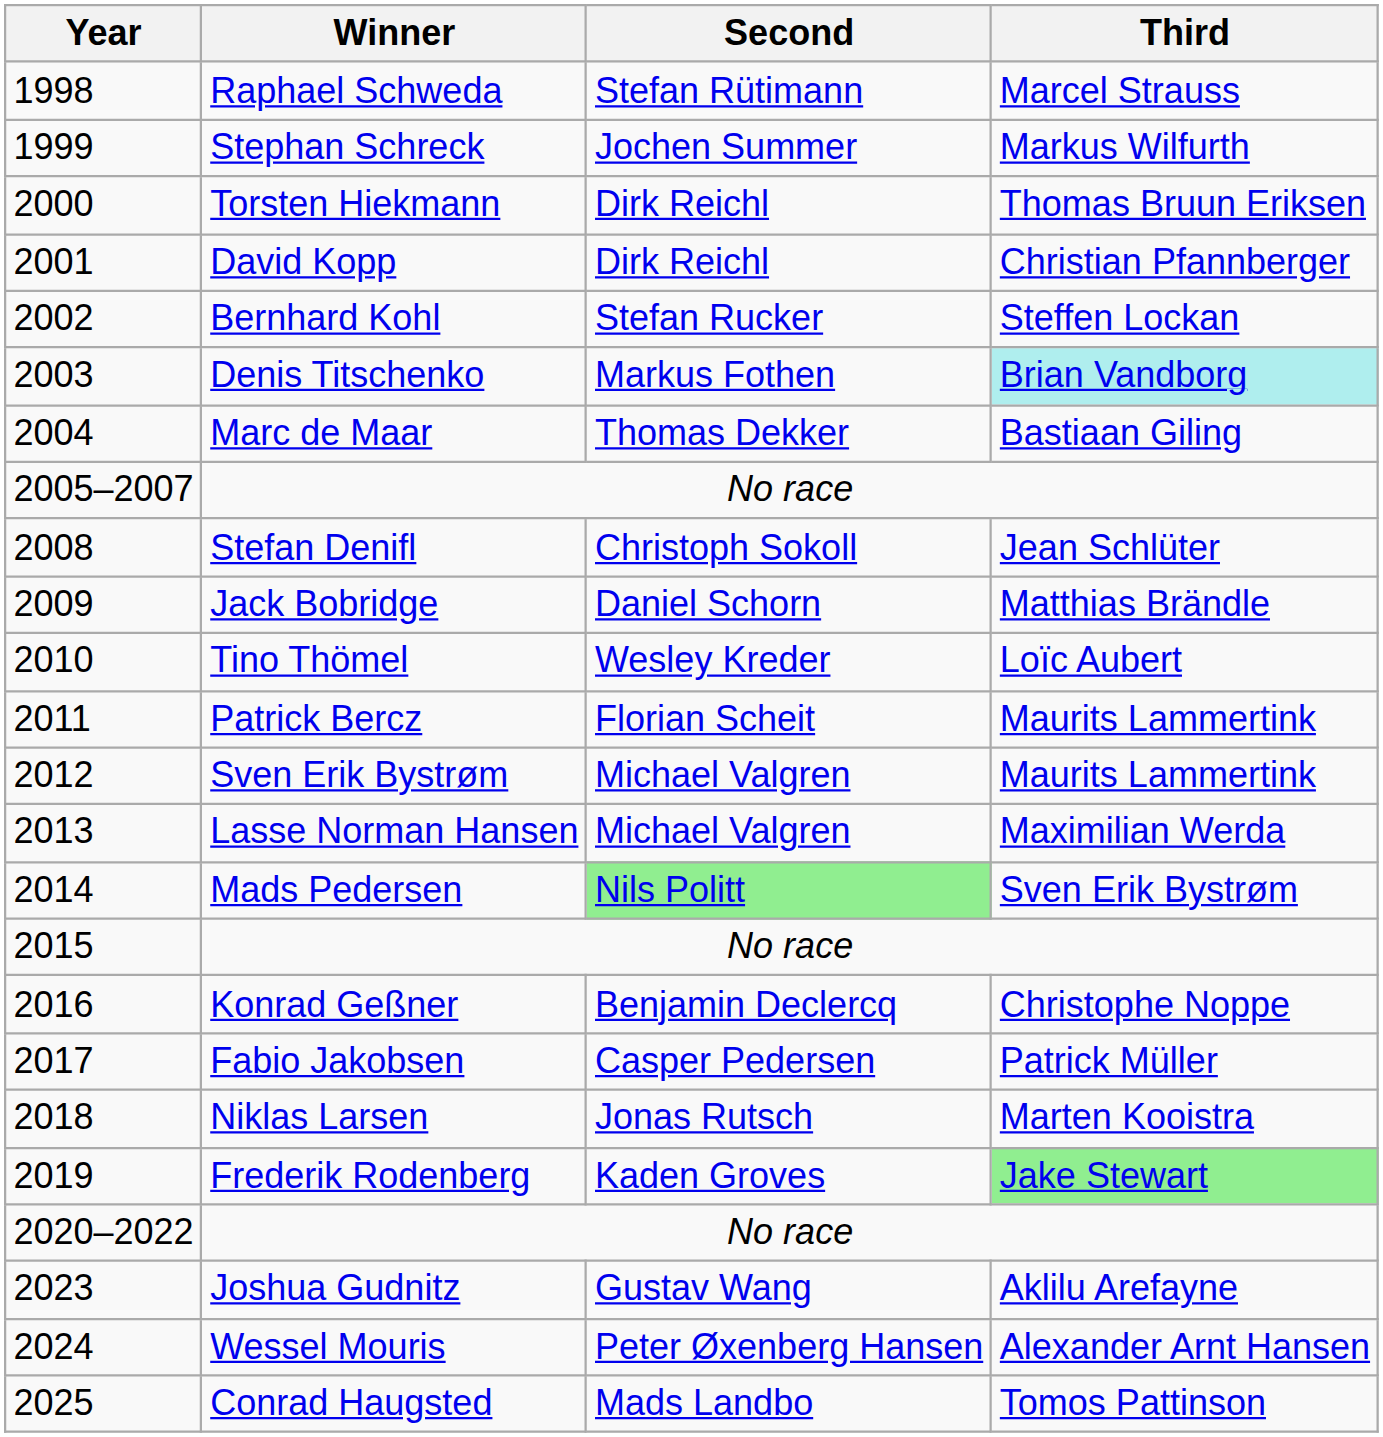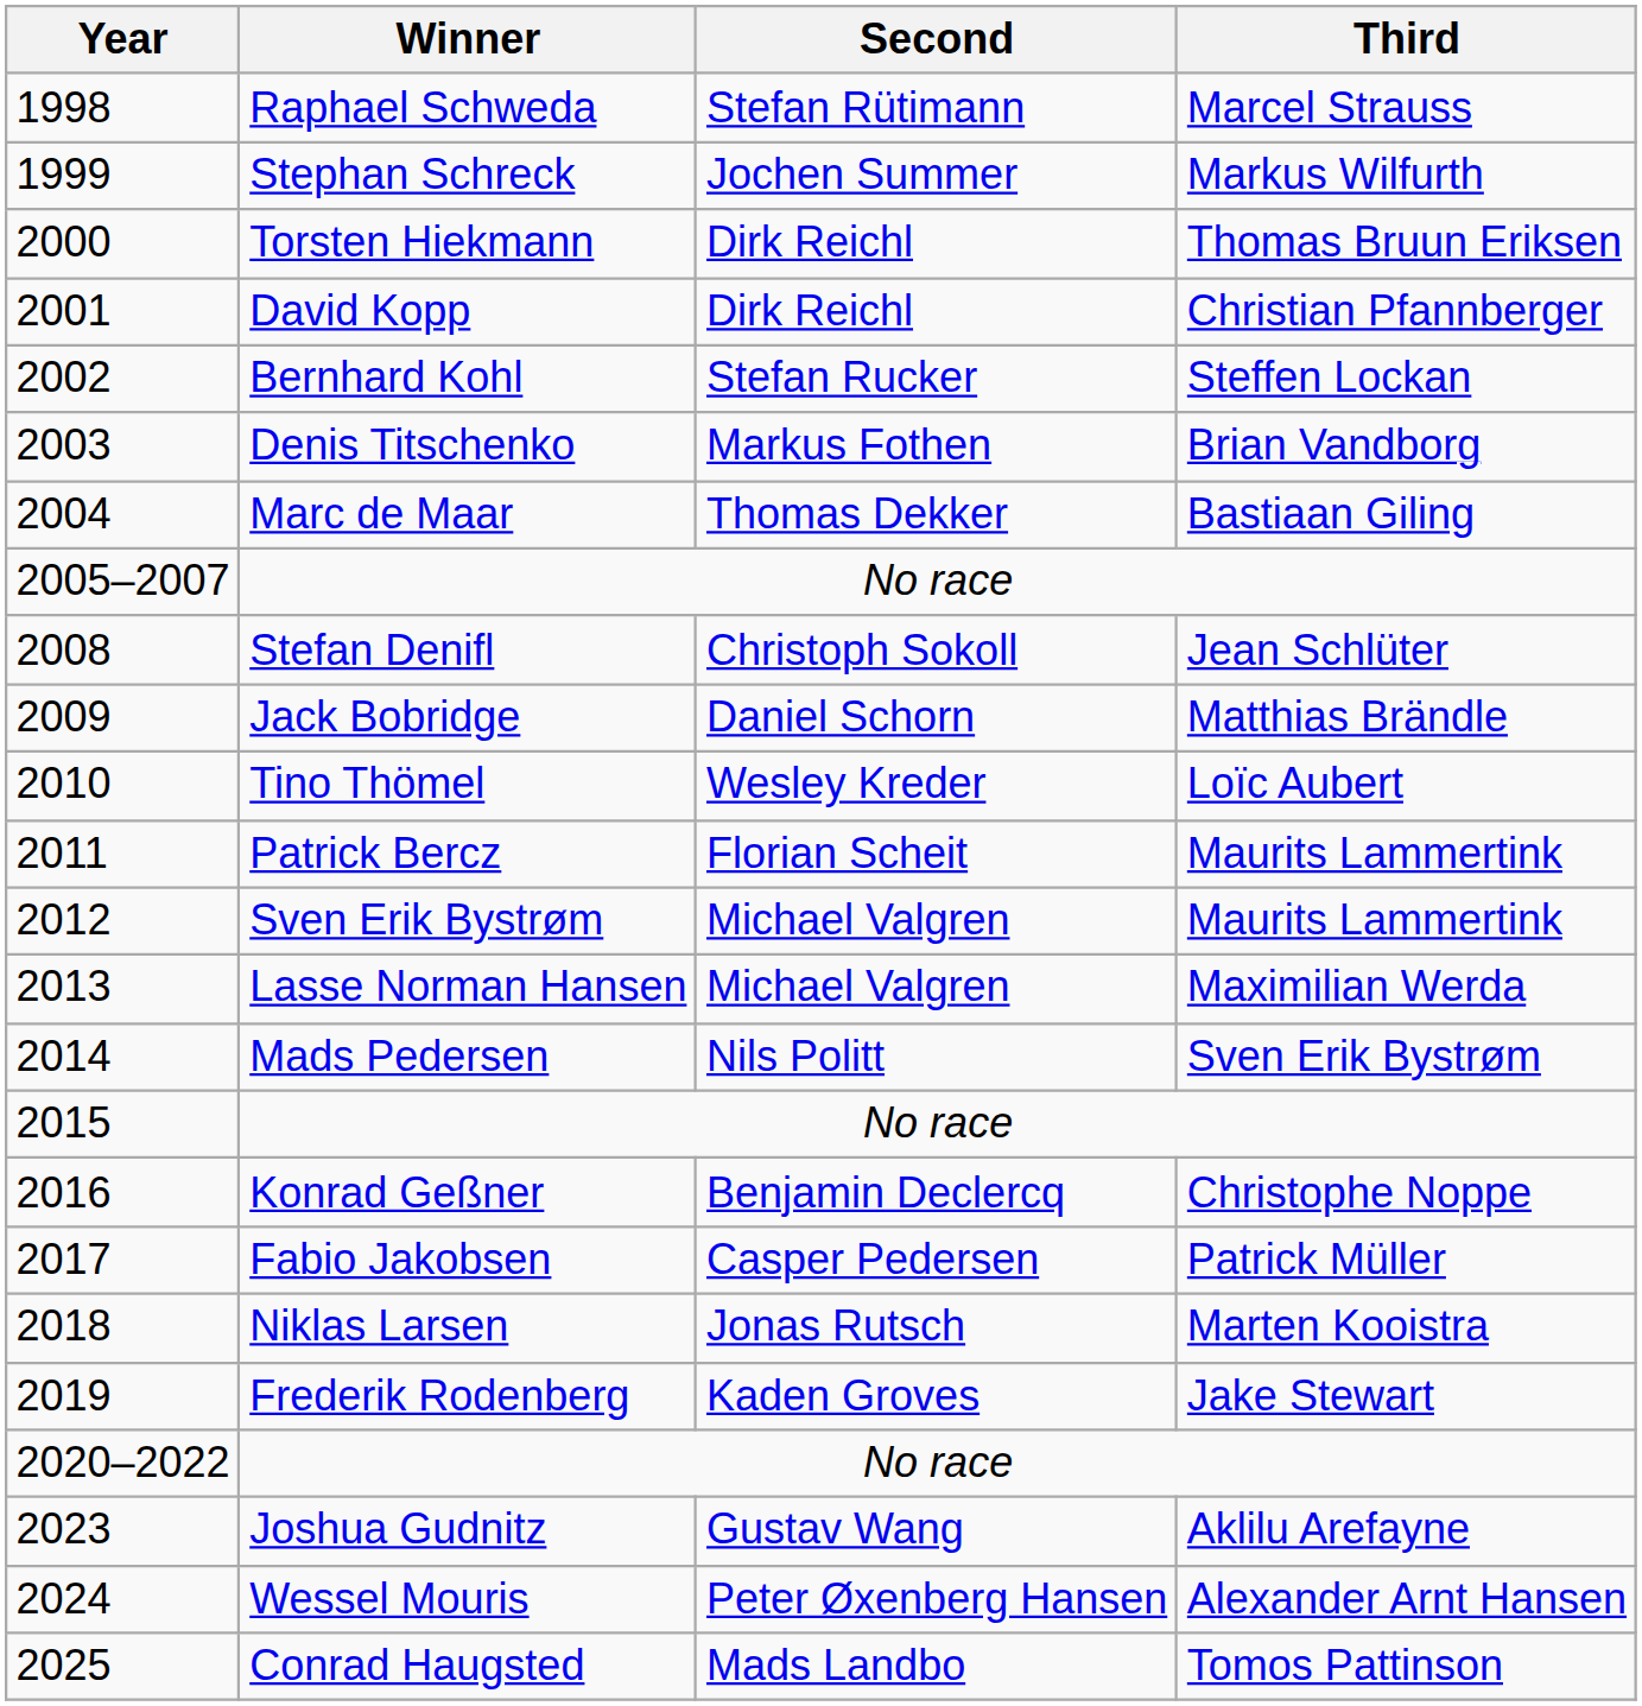 <table class="wikitable">
 <tr>
 <th>Year</th>
 <th>Winner</th>
 <th>Second</th>
 <th>Third</th>
 </tr>
 <tr>
 <td>1998</td>
 <td> <a href='#'>Raphael Schweda</a></td>
 <td> <a href='#'>Stefan Rütimann</a></td>
 <td> <a href='#'>Marcel Strauss</a></td>
 </tr>
 <tr>
 <td>1999</td>
 <td> <a href='#'>Stephan Schreck</a></td>
 <td> <a href='#'>Jochen Summer</a></td>
 <td> <a href='#'>Markus Wilfurth</a></td>
 </tr>
 <tr>
 <td>2000</td>
 <td> <a href='#'>Torsten Hiekmann</a></td>
 <td> <a href='#'>Dirk Reichl</a></td>
 <td> <a href='#'>Thomas Bruun Eriksen</a></td>
 </tr>
 <tr>
 <td>2001</td>
 <td> <a href='#'>David Kopp</a></td>
 <td> <a href='#'>Dirk Reichl</a></td>
 <td> <a href='#'>Christian Pfannberger</a></td>
 </tr>
 <tr>
 <td>2002</td>
 <td> <a href='#'>Bernhard Kohl</a></td>
 <td> <a href='#'>Stefan Rucker</a></td>
 <td> <a href='#'>Steffen Lockan</a></td>
 </tr>
 <tr>
 <td>2003</td>
 <td> <a href='#'>Denis Titschenko</a></td>
 <td> <a href='#'>Markus Fothen</a></td>
-<td style="background: paleturquoise;"> <a href='#'>Brian Vandborg</a></td>
+<td> <a href='#'>Brian Vandborg</a></td>
 </tr>
 <tr>
 <td>2004</td>
 <td> <a href='#'>Marc de Maar</a></td>
 <td> <a href='#'>Thomas Dekker</a></td>
 <td> <a href='#'>Bastiaan Giling</a></td>
 </tr>
 <tr>
 <td>2005–2007</td>
 <td colspan=3; align=center><em>No race</em></td>
 </tr>
 <tr>
 <td>2008</td>
 <td> <a href='#'>Stefan Denifl</a></td>
 <td> <a href='#'>Christoph Sokoll</a></td>
 <td> <a href='#'>Jean Schlüter</a></td>
 </tr>
 <tr>
 <td>2009</td>
 <td> <a href='#'>Jack Bobridge</a></td>
 <td> <a href='#'>Daniel Schorn</a></td>
 <td> <a href='#'>Matthias Brändle</a></td>
 </tr>
 <tr>
 <td>2010</td>
 <td> <a href='#'>Tino Thömel</a></td>
 <td> <a href='#'>Wesley Kreder</a></td>
 <td> <a href='#'>Loïc Aubert</a></td>
 </tr>
 <tr>
 <td>2011</td>
 <td> <a href='#'>Patrick Bercz</a></td>
 <td> <a href='#'>Florian Scheit</a></td>
 <td> <a href='#'>Maurits Lammertink</a></td>
 </tr>
 <tr>
 <td>2012</td>
 <td> <a href='#'>Sven Erik Bystrøm</a></td>
 <td> <a href='#'>Michael Valgren</a></td>
 <td> <a href='#'>Maurits Lammertink</a></td>
 </tr>
 <tr>
 <td>2013</td>
 <td> <a href='#'>Lasse Norman Hansen</a></td>
 <td> <a href='#'>Michael Valgren</a></td>
 <td> <a href='#'>Maximilian Werda</a></td>
 </tr>
 <tr>
 <td>2014</td>
 <td> <a href='#'>Mads Pedersen</a></td>
-<td style="background: lightgreen;"> <a href='#'>Nils Politt</a></td>
+<td> <a href='#'>Nils Politt</a></td>
 <td> <a href='#'>Sven Erik Bystrøm</a></td>
 </tr>
 <tr>
 <td>2015</td>
 <td colspan=3; align=center><em>No race</em></td>
 </tr>
 <tr>
 <td>2016</td>
 <td> <a href='#'>Konrad Geßner</a></td>
 <td> <a href='#'>Benjamin Declercq</a></td>
 <td> <a href='#'>Christophe Noppe</a></td>
 </tr>
 <tr>
 <td>2017</td>
 <td> <a href='#'>Fabio Jakobsen</a></td>
 <td> <a href='#'>Casper Pedersen</a></td>
 <td> <a href='#'>Patrick Müller</a></td>
 </tr>
 <tr>
 <td>2018</td>
 <td> <a href='#'>Niklas Larsen</a></td>
 <td> <a href='#'>Jonas Rutsch</a></td>
 <td> <a href='#'>Marten Kooistra</a></td>
 </tr>
 <tr>
 <td>2019</td>
 <td> <a href='#'>Frederik Rodenberg</a></td>
 <td> <a href='#'>Kaden Groves</a></td>
-<td style="background: lightgreen;"> <a href='#'>Jake Stewart</a></td>
+<td> <a href='#'>Jake Stewart</a></td>
 </tr>
 <tr>
 <td>2020–2022</td>
 <td align=center colspan=3><em>No race</em></td>
 </tr>
 <tr>
 <td>2023</td>
 <td> <a href='#'>Joshua Gudnitz</a></td>
 <td> <a href='#'>Gustav Wang</a></td>
 <td> <a href='#'>Aklilu Arefayne</a></td>
 </tr>
 <tr>
 <td>2024</td>
 <td> <a href='#'>Wessel Mouris</a></td>
 <td> <a href='#'>Peter Øxenberg Hansen</a></td>
 <td> <a href='#'>Alexander Arnt Hansen</a></td>
 </tr>
 <tr>
 <td>2025</td>
 <td> <a href='#'>Conrad Haugsted</a></td>
 <td> <a href='#'>Mads Landbo</a></td>
 <td> <a href='#'>Tomos Pattinson</a></td>
 </tr>
 </table>
